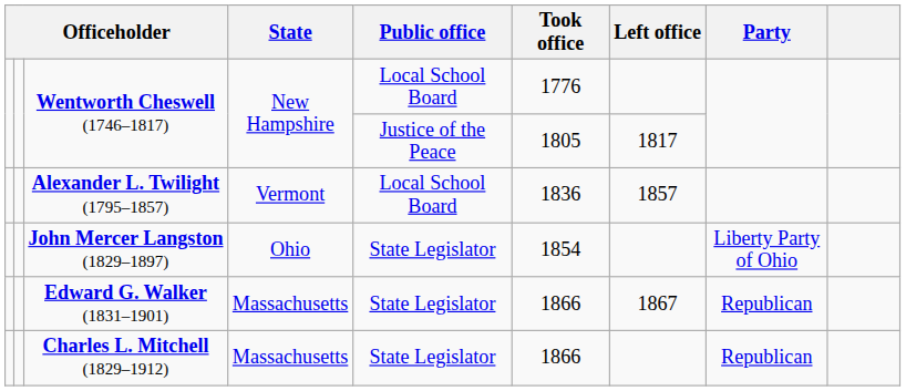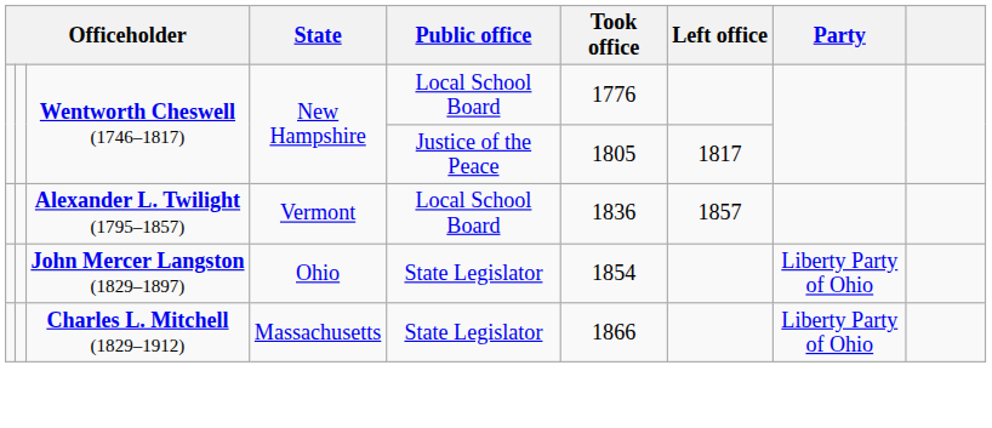 <table class="wikitable sortable plainrowheaders" style="text-align: center;">
 <tr>
 <th colspan="3" class=unsortable>Officeholder</th>
 <th scope="col" width=90px><a href='#'>State</a></th>
 <th scope="col" width=120px><a href='#'>Public office</a></th>
 <th scope="col" width=70px>Took office</th>
 <th scope="col" width=70px>Left office</th>
 <th scope="col" width=90px><a href='#'>Party</a></th>
 <th scope="col" class=unsortable width=50px></th>
 </tr>
 <tr>
 <td rowspan="2" style="background:  width=16px"></td>
 <td rowspan="2"></td>
 <td rowspan="2"><strong><a href='#'>Wentworth Cheswell</a></strong><br><small>(1746–1817)</small><br></td>
 <td rowspan="2"><a href='#'>New Hampshire</a></td>
 <td rowspan="1"><a href='#'>Local School Board</a></td>
 <td rowspan="1">1776</td>
 <td rowspan="1"></td>
 <td rowspan="2"></td>
 <td rowspan="2"></td>
 </tr>
 <tr>
 <td><a href='#'>Justice of the Peace</a></td>
 <td>1805</td>
 <td>1817</td>
 </tr>
 <tr>
 <td rowspan="1" style="background: width=10px"></td>
 <td rowspan="1"></td>
 <td rowspan="1"><strong><a href='#'>Alexander L. Twilight</a></strong><br><small>(1795–1857) </small><br></td>
 <td rowspan="1"><a href='#'>Vermont</a></td>
 <td rowspan="1"><a href='#'>Local School Board</a></td>
 <td rowspan="1">1836</td>
 <td rowspan="1">1857</td>
 <td rowspan="1"></td>
 <td rowspan="1"></td>
 </tr>
 <tr>
 <td rowspan="1" style="background: width=10px"></td>
 <td rowspan="1"></td>
 <td rowspan="1"><strong><a href='#'>John Mercer Langston</a></strong><br><small>(1829–1897) </small><br></td>
 <td rowspan="1"><a href='#'>Ohio</a></td>
 <td rowspan="1"><a href='#'>State Legislator</a></td>
 <td rowspan="1">1854</td>
 <td rowspan="1"></td>
 <td rowspan="1"><a href='#'>Liberty Party of Ohio</a></td>
 <td rowspan="1"></td>
 </tr>
 <tr>
 <td rowspan="1" style="background:  "></td>
 <td rowspan="1"></td>
-<td rowspan="1"><strong><a href='#'>Edward G. Walker</a></strong><br><small>(1831–1901)</small><br></td>
-<td rowspan="1"><a href='#'>Massachusetts</a></td>
-<td rowspan="1"><a href='#'>State Legislator</a></td>
-<td rowspan="1">1866</td>
-<td rowspan="1">1867</td>
-<td rowspan="1"><a href='#'>Republican</a></td>
-<td rowspan="1"></td>
-</tr>
-<tr>
-<td rowspan="1" style="background:  "></td>
-<td rowspan="1"></td>
 <td rowspan="1"><strong><a href='#'>Charles L. Mitchell</a></strong><br><small>(1829–1912)</small><br></td>
 <td rowspan="1"><a href='#'>Massachusetts</a></td>
 <td rowspan="1"><a href='#'>State Legislator</a></td>
 <td rowspan="1">1866</td>
 <td rowspan="1"></td>
-<td rowspan="1"><a href='#'>Republican</a></td>
+<td rowspan="1"><a href='#'>Liberty Party of Ohio</a></td>
 <td rowspan="1"></td>
 </tr>
 </table>
